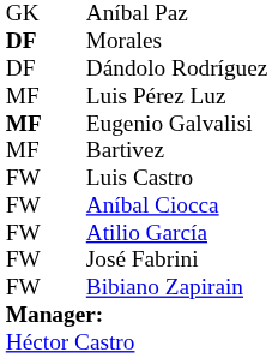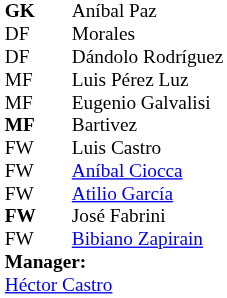 <table style="font-size:90%; margin:0.2em auto;" cellspacing="0" cellpadding="0">
 <tr>
 <th width="25"></th>
 <th width="25"></th>
 </tr>
 <tr>
-<td>GK</td>
+<td><strong>GK</strong></td>
 <td></td>
 <td> Aníbal Paz</td>
 </tr>
 <tr>
-<td><strong>DF</strong></td>
+<td>DF</td>
 <td></td>
 <td> Morales</td>
 </tr>
 <tr>
 <td>DF</td>
 <td></td>
 <td> Dándolo Rodríguez</td>
 </tr>
 <tr>
 <td>MF</td>
 <td></td>
 <td> Luis Pérez Luz</td>
 </tr>
 <tr>
-<td><strong>MF</strong></td>
+<td>MF</td>
 <td></td>
 <td> Eugenio Galvalisi</td>
 </tr>
 <tr>
-<td>MF</td>
+<td><strong>MF</strong></td>
 <td></td>
 <td> Bartivez</td>
 </tr>
 <tr>
 <td>FW</td>
 <td></td>
 <td> Luis Castro</td>
 </tr>
 <tr>
 <td>FW</td>
 <td></td>
 <td> <a href='#'>Aníbal Ciocca</a></td>
 </tr>
 <tr>
 <td>FW</td>
 <td></td>
 <td> <a href='#'>Atilio García</a></td>
 </tr>
 <tr>
-<td>FW</td>
+<td><strong>FW</strong></td>
 <td></td>
 <td> José Fabrini</td>
 </tr>
 <tr>
 <td>FW</td>
 <td></td>
 <td> <a href='#'>Bibiano Zapirain</a></td>
 </tr>
 <tr>
 <td colspan=3><strong>Manager:</strong></td>
 </tr>
 <tr>
 <td colspan=4> <a href='#'>Héctor Castro</a></td>
 </tr>
 </table>
